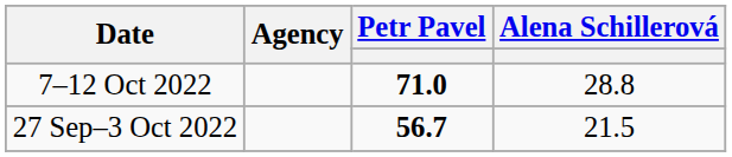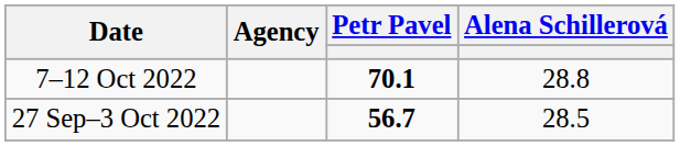 <table class="wikitable" style=text-align:center;font-size:85%;line-height:14px;">
 <tr>
 <th rowspan="2">Date</th>
 <th rowspan="2">Agency</th>
 <th><a href='#'>Petr Pavel</a></th>
 <th><a href='#'>Alena Schillerová</a></th>
 </tr>
 <tr>
 <th style="background:"></th>
 <th style="background:"></th>
 </tr>
 <tr>
 <td>7–12 Oct 2022</td>
 <td></td>
-<td><strong>71.0</strong></td>
+<td><strong>70.1</strong></td>
 <td>28.8</td>
 </tr>
 <tr>
 <td>27 Sep–3 Oct 2022</td>
 <td></td>
 <td><strong>56.7</strong></td>
-<td>21.5</td>
+<td>28.5</td>
 </tr>
 </table>
